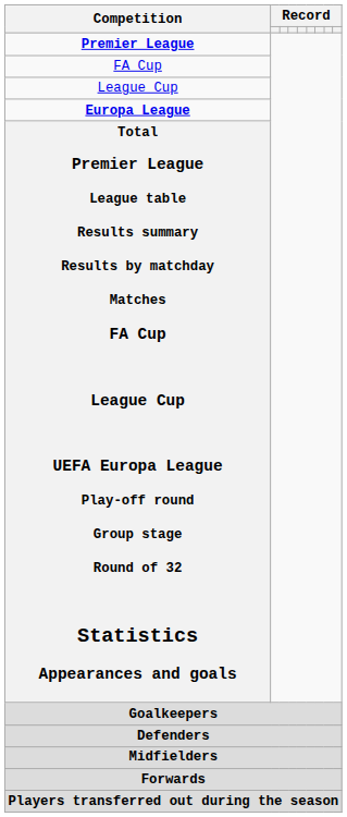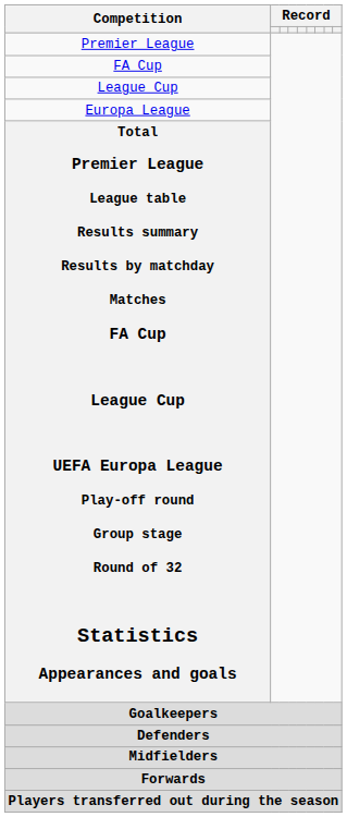 <table class="wikitable" style="text-align: center">
 <tr>
 <th rowspan=2>Competition</th>
 <th colspan=8>Record</th>
 </tr>
 <tr>
 <th></th>
 <th></th>
 <th></th>
 <th></th>
 <th></th>
 <th></th>
 <th></th>
 <th></th>
 </tr>
 <tr>
-<td><strong><a href='#'>Premier League</a><br></strong></td>
+<td><a href='#'>Premier League</a><br></td>
 </tr>
 <tr>
 <td><a href='#'>FA Cup</a><br></td>
 </tr>
 <tr>
 <td><a href='#'>League Cup</a><br></td>
 </tr>
 <tr>
-<td><strong><a href='#'>Europa League</a><br></strong></td>
+<td><a href='#'>Europa League</a><br></td>
 </tr>
 <tr>
 <th>Total<br> <h3>Premier League</h3><h4>League table</h4><h4>Results summary</h4> <h4>Results by matchday</h4><h4>Matches</h4>                                     <h3>FA Cup</h3><br>  <h3>League Cup</h3><br>     <h3>UEFA Europa League</h3><h4>Play-off round</h4>  <h4>Group stage</h4>       <h4>Round of 32</h4><br> <h2>Statistics</h2><h3>Appearances and goals</h3></th>
 </tr>
 <tr>
 <th colspan=14 style=background:#dcdcdc; text-align:center>Goalkeepers<br> </th>
 </tr>
 <tr>
 <th colspan=14 style=background:#dcdcdc; text-align:center>Defenders<br>       </th>
 </tr>
 <tr>
 <th colspan=14 style=background:#dcdcdc; text-align:center>Midfielders<br>           </th>
 </tr>
 <tr>
 <th colspan=14 style=background:#dcdcdc; text-align:center>Forwards<br>   </th>
 </tr>
 <tr>
 <th colspan=14 style=background:#dcdcdc; text-align:center>Players transferred out during the season<br>    </th>
 </tr>
 </table>
